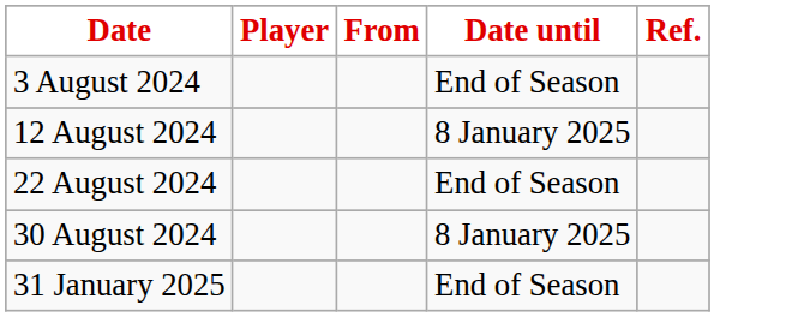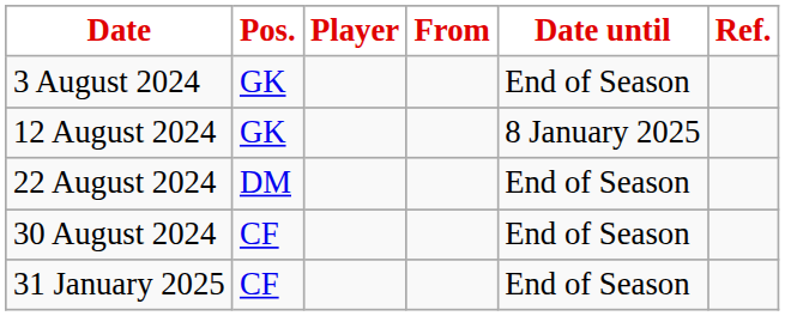 <table class="wikitable plainrowheaders sortable">
 <tr>
 <th style="background:white; color:#E00000; ">Date</th>
+<th style="background:white; color:#E00000; ">Pos.</th>
 <th style="background:white; color:#E00000; ">Player</th>
 <th style="background:white; color:#E00000; ">From</th>
 <th style="background:white; color:#E00000; ">Date until</th>
 <th style="background:white; color:#E00000; ">Ref.</th>
 </tr>
 <tr>
 <td>3 August 2024</td>
+<td><a href='#'>GK</a></td>
 <td></td>
 <td></td>
 <td>End of Season</td>
 <td></td>
 </tr>
 <tr>
 <td>12 August 2024</td>
+<td><a href='#'>GK</a></td>
 <td></td>
 <td></td>
 <td>8 January 2025</td>
 <td></td>
 </tr>
 <tr>
 <td>22 August 2024</td>
+<td><a href='#'>DM</a></td>
 <td></td>
 <td></td>
 <td>End of Season</td>
 <td></td>
 </tr>
 <tr>
 <td>30 August 2024</td>
+<td><a href='#'>CF</a></td>
 <td></td>
 <td></td>
-<td>8 January 2025</td>
+<td>End of Season</td>
 <td></td>
 </tr>
 <tr>
 <td>31 January 2025</td>
+<td><a href='#'>CF</a></td>
 <td></td>
 <td></td>
 <td>End of Season</td>
 <td></td>
 </tr>
 </table>
